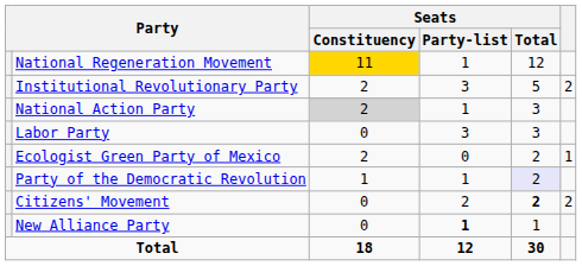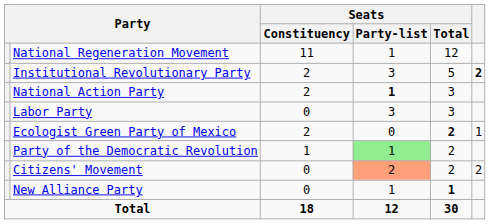 <table class="wikitable" style="text-align:center;">
 <tr>
 <th colspan="2" rowspan="2">Party</th>
 <th colspan="3">Seats</th>
 <th rowspan="2"></th>
 </tr>
 <tr>
 <th style="width:3em"><strong>Constituency</strong></th>
 <th>Party-list</th>
 <th>Total</th>
 </tr>
 <tr>
 <th style="background-color:"></th>
 <td style="text-align:left;"><a href='#'>National Regeneration Movement</a></td>
-<td style="background: gold;">11</td>
+<td>11</td>
 <td>1</td>
 <td>12</td>
 <td></td>
 </tr>
 <tr>
 <th style="background-color:"></th>
 <td style="text-align:left;"><a href='#'>Institutional Revolutionary Party</a></td>
 <td>2</td>
 <td>3</td>
 <td>5</td>
-<td> 2</td>
+<td><strong> 2</strong></td>
 </tr>
 <tr>
 <th style="background-color:"></th>
 <td style="text-align:left;"><a href='#'>National Action Party</a></td>
-<td style="background: lightgrey;">2</td>
-<td>1</td>
+<td>2</td>
+<td><strong>1</strong></td>
 <td>3</td>
 <td></td>
 </tr>
 <tr>
 <th style="background-color:"></th>
 <td style="text-align:left;"><a href='#'>Labor Party</a></td>
 <td>0</td>
 <td>3</td>
 <td>3</td>
 <td></td>
 </tr>
 <tr>
 <th style="background-color:"></th>
 <td style="text-align:left;"><a href='#'>Ecologist Green Party of Mexico</a></td>
 <td>2</td>
 <td>0</td>
-<td>2</td>
+<td><strong>2</strong></td>
 <td> 1</td>
 </tr>
 <tr>
 <th style="background-color:"></th>
 <td style="text-align:left;"><a href='#'>Party of the Democratic Revolution</a></td>
 <td>1</td>
-<td>1</td>
-<td style="background: lavender;">2</td>
+<td style="background: lightgreen;">1</td>
+<td>2</td>
 <td></td>
 </tr>
 <tr>
 <th style="background-color:"></th>
 <td style="text-align:left;"><a href='#'>Citizens' Movement</a></td>
 <td>0</td>
+<td style="background: lightsalmon;">2</td>
 <td>2</td>
-<td><strong>2</strong></td>
 <td> 2</td>
 </tr>
 <tr>
 <th style="background-color:"></th>
 <td style="text-align:left;"><a href='#'>New Alliance Party</a></td>
 <td>0</td>
+<td>1</td>
 <td><strong>1</strong></td>
-<td>1</td>
 <td></td>
 </tr>
 <tr>
 <td colspan="2"><strong>Total</strong></td>
 <td><strong>18</strong></td>
 <td><strong>12</strong></td>
 <td><strong>30</strong></td>
 <td></td>
 </tr>
 </table>
